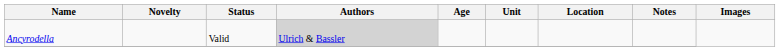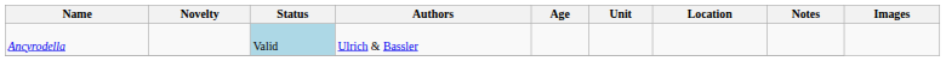 <table class="wikitable sortable" align="center" width="100%">
 <tr>
 <th>Name</th>
 <th>Novelty</th>
 <th>Status</th>
 <th>Authors</th>
 <th>Age</th>
 <th>Unit</th>
 <th>Location</th>
 <th>Notes</th>
 <th>Images</th>
 </tr>
 <tr>
 <td><br><em><a href='#'>Ancyrodella</a></em></td>
 <td></td>
-<td><br>Valid</td>
-<td style="background: lightgrey;"><br><a href='#'>Ulrich</a> & <a href='#'>Bassler</a></td>
+<td style="background: lightblue;"><br>Valid</td>
+<td><br><a href='#'>Ulrich</a> & <a href='#'>Bassler</a></td>
 <td></td>
 <td></td>
 <td></td>
 <td></td>
 </tr>
 <tr>
 </tr>
 </table>
